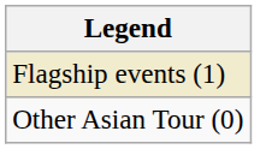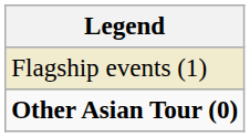 <table class="wikitable" style="font-size:95%;">
 <tr>
 <th>Legend</th>
 </tr>
 <tr style="background:#f2ecce;">
 <td>Flagship events (1)</td>
 </tr>
 <tr>
-<td>Other Asian Tour (0)</td>
+<td><strong>Other Asian Tour (0)</strong></td>
 </tr>
 </table>
